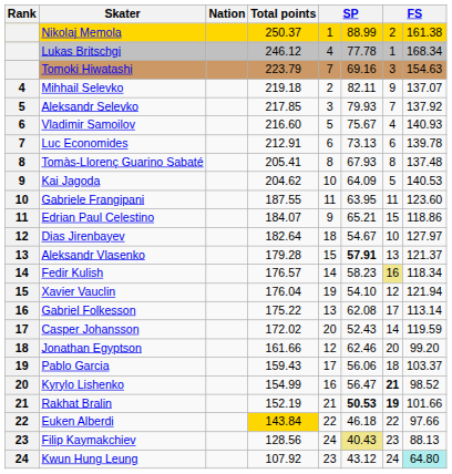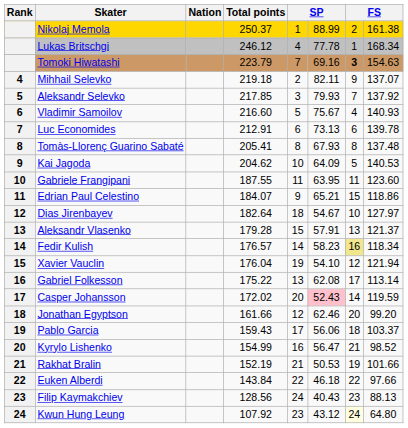 <table class="wikitable sortable" style="text-align:left">
 <tr>
 <th scope="col">Rank</th>
 <th scope="col">Skater</th>
 <th scope="col">Nation</th>
 <th scope="col">Total points</th>
 <th scope="col" colspan="2" width="80px"><a href='#'>SP</a></th>
 <th scope="col" colspan="2" width="80px"><a href='#'>FS</a></th>
 </tr>
 <tr bgcolor="gold">
 <th scope="row"></th>
 <td><a href='#'>Nikolaj Memola</a></td>
 <td></td>
 <td align="center">250.37</td>
 <td align="center">1</td>
 <td align="center">88.99</td>
 <td align="center">2</td>
 <td align="center">161.38</td>
 </tr>
 <tr bgcolor="silver">
 <th scope="row"></th>
 <td><a href='#'>Lukas Britschgi</a></td>
 <td></td>
 <td align="center">246.12</td>
 <td align="center">4</td>
 <td align="center">77.78</td>
 <td align="center">1</td>
 <td align="center">168.34</td>
 </tr>
 <tr bgcolor="cc9966">
 <th scope="row"></th>
 <td><a href='#'>Tomoki Hiwatashi</a></td>
 <td></td>
 <td align="center">223.79</td>
 <td align="center">7</td>
 <td align="center">69.16</td>
-<td align="center">3</td>
+<td align="center"><strong>3</strong></td>
 <td align="center">154.63</td>
 </tr>
 <tr>
 <th scope="row">4</th>
 <td><a href='#'>Mihhail Selevko</a></td>
 <td></td>
 <td align="center">219.18</td>
 <td align="center">2</td>
 <td align="center">82.11</td>
 <td align="center">9</td>
 <td align="center">137.07</td>
 </tr>
 <tr>
 <th scope="row">5</th>
 <td><a href='#'>Aleksandr Selevko</a></td>
 <td></td>
 <td align="center">217.85</td>
 <td align="center">3</td>
 <td align="center">79.93</td>
 <td align="center">7</td>
 <td align="center">137.92</td>
 </tr>
 <tr>
 <th scope="row">6</th>
 <td><a href='#'>Vladimir Samoilov</a></td>
 <td></td>
 <td align="center">216.60</td>
 <td align="center">5</td>
 <td align="center">75.67</td>
 <td align="center">4</td>
 <td align="center">140.93</td>
 </tr>
 <tr>
 <th scope="row">7</th>
 <td><a href='#'>Luc Economides</a></td>
 <td></td>
 <td align="center">212.91</td>
 <td align="center">6</td>
 <td align="center">73.13</td>
 <td align="center">6</td>
 <td align="center">139.78</td>
 </tr>
 <tr>
 <th scope="row">8</th>
 <td><a href='#'>Tomàs-Llorenç Guarino Sabaté</a></td>
 <td></td>
 <td align="center">205.41</td>
 <td align="center">8</td>
 <td align="center">67.93</td>
 <td align="center">8</td>
 <td align="center">137.48</td>
 </tr>
 <tr>
 <th scope="row">9</th>
 <td><a href='#'>Kai Jagoda</a></td>
 <td></td>
 <td align="center">204.62</td>
 <td align="center">10</td>
 <td align="center">64.09</td>
 <td align="center">5</td>
 <td align="center">140.53</td>
 </tr>
 <tr>
 <th scope="row">10</th>
 <td><a href='#'>Gabriele Frangipani</a></td>
 <td></td>
 <td align="center">187.55</td>
 <td align="center">11</td>
 <td align="center">63.95</td>
 <td align="center">11</td>
 <td align="center">123.60</td>
 </tr>
 <tr>
 <th scope="row">11</th>
 <td><a href='#'>Edrian Paul Celestino</a></td>
 <td></td>
 <td align="center">184.07</td>
 <td align="center">9</td>
 <td align="center">65.21</td>
 <td align="center">15</td>
 <td align="center">118.86</td>
 </tr>
 <tr>
 <th scope="row">12</th>
 <td><a href='#'>Dias Jirenbayev</a></td>
 <td></td>
 <td align="center">182.64</td>
 <td align="center">18</td>
 <td align="center">54.67</td>
 <td align="center">10</td>
 <td align="center">127.97</td>
 </tr>
 <tr>
 <th scope="row">13</th>
 <td><a href='#'>Aleksandr Vlasenko</a></td>
 <td></td>
 <td align="center">179.28</td>
 <td align="center">15</td>
-<td align="center"><strong>57.91</strong></td>
+<td align="center">57.91</td>
 <td align="center">13</td>
 <td align="center">121.37</td>
 </tr>
 <tr>
 <th scope="row">14</th>
 <td><a href='#'>Fedir Kulish</a></td>
 <td></td>
 <td align="center">176.57</td>
 <td align="center">14</td>
 <td align="center">58.23</td>
 <td align="center" style="background: khaki;">16</td>
 <td align="center">118.34</td>
 </tr>
 <tr>
 <th scope="row">15</th>
 <td><a href='#'>Xavier Vauclin</a></td>
 <td></td>
 <td align="center">176.04</td>
 <td align="center">19</td>
 <td align="center">54.10</td>
 <td align="center">12</td>
 <td align="center">121.94</td>
 </tr>
 <tr>
 <th scope="row">16</th>
 <td><a href='#'>Gabriel Folkesson</a></td>
 <td></td>
 <td align="center">175.22</td>
 <td align="center">13</td>
 <td align="center">62.08</td>
 <td align="center">17</td>
 <td align="center">113.14</td>
 </tr>
 <tr>
 <th scope="row">17</th>
 <td><a href='#'>Casper Johansson</a></td>
 <td></td>
 <td align="center">172.02</td>
 <td align="center">20</td>
-<td align="center">52.43</td>
+<td align="center" style="background: pink;">52.43</td>
 <td align="center">14</td>
 <td align="center">119.59</td>
 </tr>
 <tr>
 <th scope="row">18</th>
 <td><a href='#'>Jonathan Egyptson</a></td>
 <td></td>
 <td align="center">161.66</td>
 <td align="center">12</td>
 <td align="center">62.46</td>
 <td align="center">20</td>
 <td align="center">99.20</td>
 </tr>
 <tr>
 <th scope="row">19</th>
 <td><a href='#'>Pablo Garcia</a></td>
 <td></td>
 <td align="center">159.43</td>
 <td align="center">17</td>
 <td align="center">56.06</td>
 <td align="center">18</td>
 <td align="center">103.37</td>
 </tr>
 <tr>
 <th scope="row">20</th>
 <td><a href='#'>Kyrylo Lishenko</a></td>
 <td></td>
 <td align="center">154.99</td>
 <td align="center">16</td>
 <td align="center">56.47</td>
-<td align="center"><strong>21</strong></td>
+<td align="center">21</td>
 <td align="center">98.52</td>
 </tr>
 <tr>
 <th scope="row">21</th>
 <td><a href='#'>Rakhat Bralin</a></td>
 <td></td>
 <td align="center">152.19</td>
 <td align="center">21</td>
-<td align="center"><strong>50.53</strong></td>
-<td align="center"><strong>19</strong></td>
+<td align="center">50.53</td>
+<td align="center">19</td>
 <td align="center">101.66</td>
 </tr>
 <tr>
 <th scope="row">22</th>
 <td><a href='#'>Euken Alberdi</a></td>
 <td></td>
-<td align="center" style="background: gold;">143.84</td>
+<td align="center">143.84</td>
 <td align="center">22</td>
 <td align="center">46.18</td>
 <td align="center">22</td>
 <td align="center">97.66</td>
 </tr>
 <tr>
 <th scope="row">23</th>
 <td><a href='#'>Filip Kaymakchiev</a></td>
 <td></td>
 <td align="center">128.56</td>
 <td align="center">24</td>
-<td align="center" style="background: khaki;">40.43</td>
+<td align="center">40.43</td>
 <td align="center">23</td>
 <td align="center">88.13</td>
 </tr>
 <tr>
 <th scope="row">24</th>
 <td><a href='#'>Kwun Hung Leung</a></td>
 <td></td>
 <td align="center">107.92</td>
 <td align="center">23</td>
 <td align="center">43.12</td>
-<td align="center">24</td>
-<td align="center" style="background: paleturquoise;">64.80</td>
+<td align="center" style="background: lightyellow;">24</td>
+<td align="center">64.80</td>
 </tr>
 </table>
